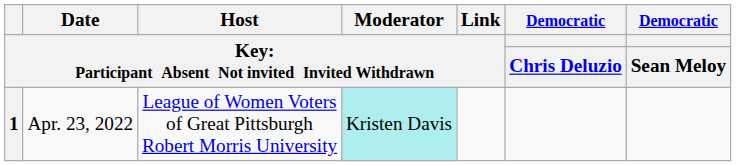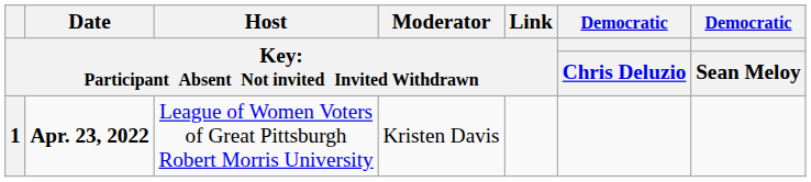 <table class="wikitable" style="text-align:center;">
 <tr>
 <th scope="col"></th>
 <th scope="col">Date</th>
 <th scope="col">Host</th>
 <th scope="col">Moderator</th>
 <th scope="col">Link</th>
 <th scope="col"><small><a href='#'>Democratic</a></small></th>
 <th scope="col"><small><a href='#'>Democratic</a></small></th>
 </tr>
 <tr>
 <th colspan="5" rowspan="2">Key:<br> <small>Participant </small>  <small>Absent </small>  <small>Not invited </small>  <small>Invited  Withdrawn</small></th>
 <th scope="col" style="background:"></th>
 <th scope="col" style="background:"></th>
 </tr>
 <tr>
 <th scope="col"><a href='#'>Chris Deluzio</a></th>
 <th scope="col">Sean Meloy</th>
 </tr>
 <tr>
 <th>1</th>
-<td style="white-space:nowrap;">Apr. 23, 2022</td>
+<td style="white-space:nowrap;"><strong>Apr. 23, 2022</strong></td>
 <td style="white-space:nowrap;"><a href='#'>League of Women Voters</a><br>of Great Pittsburgh<br><a href='#'>Robert Morris University</a></td>
-<td style="background: paleturquoise; white-space:nowrap;">Kristen Davis</td>
+<td style="white-space:nowrap;">Kristen Davis</td>
 <td style="white-space:nowrap;"></td>
 <td></td>
 <td></td>
 </tr>
 </table>
